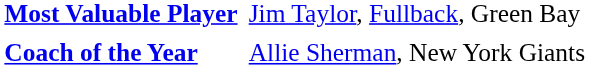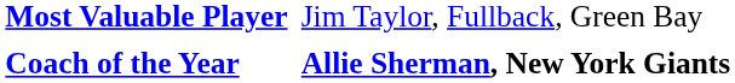 <table cellpadding="3" cellspacing="1">
 <tr>
 <td><strong><a href='#'>Most Valuable Player</a></strong></td>
 <td><a href='#'>Jim Taylor</a>, <a href='#'>Fullback</a>, Green Bay</td>
 </tr>
 <tr>
 <td><strong><a href='#'>Coach of the Year</a></strong></td>
-<td><a href='#'>Allie Sherman</a>, New York Giants</td>
+<td><strong><a href='#'>Allie Sherman</a>, New York Giants</strong></td>
 </tr>
 </table>
